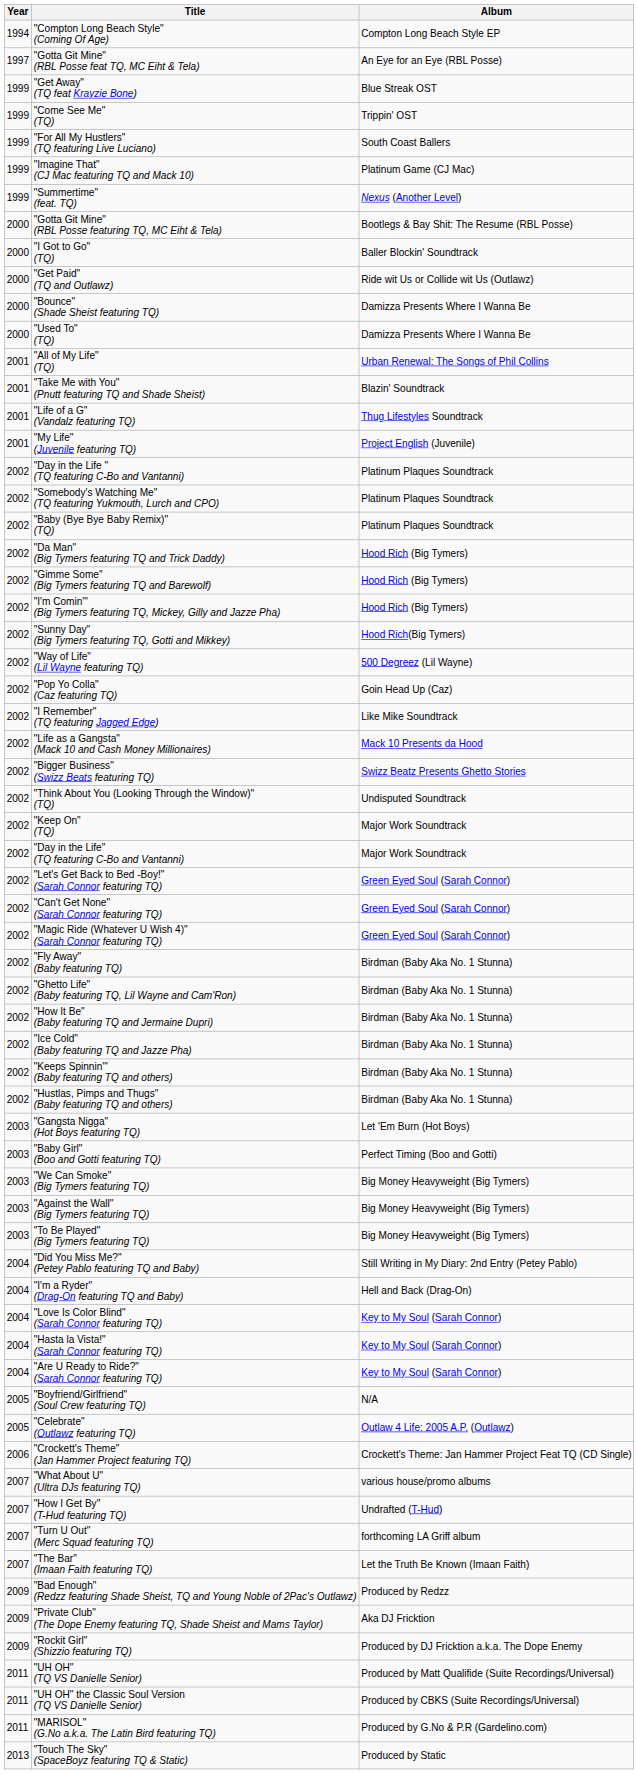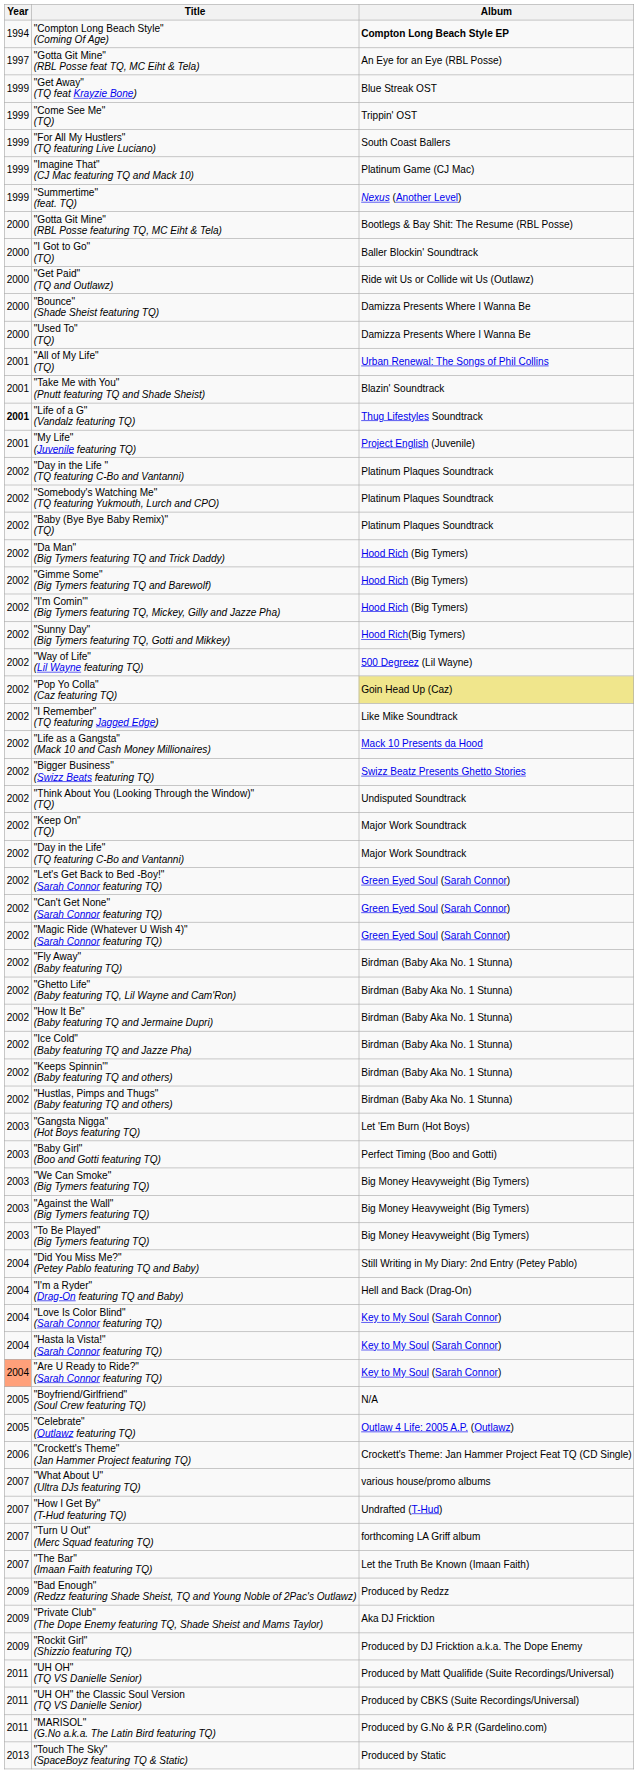 <table class="wikitable">
 <tr>
 <th>Year</th>
 <th>Title</th>
 <th>Album</th>
 </tr>
 <tr>
 <td>1994</td>
 <td>"Compton Long Beach Style" <br> <em>(Coming Of Age)</em></td>
-<td>Compton Long Beach Style EP</td>
+<td><strong>Compton Long Beach Style EP</strong></td>
 </tr>
 <tr>
 <td>1997</td>
 <td>"Gotta Git Mine" <br> <em>(RBL Posse feat TQ, MC Eiht & Tela)</em></td>
 <td>An Eye for an Eye (RBL Posse)</td>
 </tr>
 <tr>
 <td>1999</td>
 <td>"Get Away" <br> <em>(TQ feat <a href='#'>Krayzie Bone</a>)</em></td>
 <td>Blue Streak OST</td>
 </tr>
 <tr>
 <td>1999</td>
 <td>"Come See Me" <br> <em>(TQ)</em></td>
 <td>Trippin' OST</td>
 </tr>
 <tr>
 <td>1999</td>
 <td>"For All My Hustlers" <br> <em>(TQ featuring Live Luciano)</em></td>
 <td>South Coast Ballers</td>
 </tr>
 <tr>
 <td>1999</td>
 <td>"Imagine That" <br> <em>(CJ Mac featuring TQ and Mack 10)</em></td>
 <td>Platinum Game (CJ Mac)</td>
 </tr>
 <tr>
 <td>1999</td>
 <td>"Summertime" <br> <em>(feat. TQ)</em></td>
 <td><em><a href='#'>Nexus</a></em> (<a href='#'>Another Level</a>)</td>
 </tr>
 <tr>
 <td>2000</td>
 <td>"Gotta Git Mine" <br> <em>(RBL Posse featuring TQ, MC Eiht & Tela)</em></td>
 <td>Bootlegs & Bay Shit: The Resume (RBL Posse)</td>
 </tr>
 <tr>
 <td>2000</td>
 <td>"I Got to Go" <br> <em>(TQ)</em></td>
 <td>Baller Blockin' Soundtrack</td>
 </tr>
 <tr>
 <td>2000</td>
 <td>"Get Paid" <br> <em>(TQ and Outlawz)</em></td>
 <td>Ride wit Us or Collide wit Us (Outlawz)</td>
 </tr>
 <tr>
 <td>2000</td>
 <td>"Bounce" <br> <em>(Shade Sheist featuring TQ)</em></td>
 <td>Damizza Presents Where I Wanna Be</td>
 </tr>
 <tr>
 <td>2000</td>
 <td>"Used To" <br> <em>(TQ)</em></td>
 <td>Damizza Presents Where I Wanna Be</td>
 </tr>
 <tr>
 <td>2001</td>
 <td>"All of My Life" <br> <em>(TQ)</em></td>
 <td><a href='#'>Urban Renewal: The Songs of Phil Collins</a></td>
 </tr>
 <tr>
 <td>2001</td>
 <td>"Take Me with You" <br> <em>(Pnutt featuring TQ and Shade Sheist)</em></td>
 <td>Blazin' Soundtrack</td>
 </tr>
 <tr>
-<td>2001</td>
+<td><strong>2001</strong></td>
 <td>"Life of a G" <br> <em>(Vandalz featuring TQ)</em></td>
 <td><a href='#'>Thug Lifestyles</a> Soundtrack</td>
 </tr>
 <tr>
 <td>2001</td>
 <td>"My Life" <br> <em>(<a href='#'>Juvenile</a> featuring TQ)</em></td>
 <td><a href='#'>Project English</a> (Juvenile)</td>
 </tr>
 <tr>
 <td>2002</td>
 <td>"Day in the Life " <br> <em>(TQ featuring C-Bo and Vantanni)</em></td>
 <td>Platinum Plaques Soundtrack</td>
 </tr>
 <tr>
 <td>2002</td>
 <td>"Somebody's Watching Me" <br> <em>(TQ featuring Yukmouth, Lurch and CPO)</em></td>
 <td>Platinum Plaques Soundtrack</td>
 </tr>
 <tr>
 <td>2002</td>
 <td>"Baby (Bye Bye Baby Remix)" <br> <em>(TQ)</em></td>
 <td>Platinum Plaques Soundtrack</td>
 </tr>
 <tr>
 <td>2002</td>
 <td>"Da Man" <br> <em>(Big Tymers featuring TQ and Trick Daddy)</em></td>
 <td><a href='#'>Hood Rich</a> (Big Tymers)</td>
 </tr>
 <tr>
 <td>2002</td>
 <td>"Gimme Some" <br> <em>(Big Tymers featuring TQ and Barewolf)</em></td>
 <td><a href='#'>Hood Rich</a> (Big Tymers)</td>
 </tr>
 <tr>
 <td>2002</td>
 <td>"I'm Comin'" <br> <em>(Big Tymers featuring TQ, Mickey, Gilly and Jazze Pha)</em></td>
 <td><a href='#'>Hood Rich</a> (Big Tymers)</td>
 </tr>
 <tr>
 <td>2002</td>
 <td>"Sunny Day" <br> <em>(Big Tymers featuring TQ, Gotti and Mikkey)</em></td>
 <td><a href='#'>Hood Rich</a>(Big Tymers)</td>
 </tr>
 <tr>
 <td>2002</td>
 <td>"Way of Life" <br> <em>(<a href='#'>Lil Wayne</a> featuring TQ)</em></td>
 <td><a href='#'>500 Degreez</a> (Lil Wayne)</td>
 </tr>
 <tr>
 <td>2002</td>
 <td>"Pop Yo Colla" <br> <em>(Caz featuring TQ)</em></td>
-<td>Goin Head Up (Caz)</td>
+<td style="background: khaki;">Goin Head Up (Caz)</td>
 </tr>
 <tr>
 <td>2002</td>
 <td>"I Remember" <br> <em>(TQ featuring <a href='#'>Jagged Edge</a>)</em></td>
 <td>Like Mike Soundtrack</td>
 </tr>
 <tr>
 <td>2002</td>
 <td>"Life as a Gangsta" <br> <em>(Mack 10 and Cash Money Millionaires)</em></td>
 <td><a href='#'>Mack 10 Presents da Hood</a></td>
 </tr>
 <tr>
 <td>2002</td>
 <td>"Bigger Business" <br> <em>(<a href='#'>Swizz Beats</a> featuring TQ)</em></td>
 <td><a href='#'>Swizz Beatz Presents Ghetto Stories</a></td>
 </tr>
 <tr>
 <td>2002</td>
 <td>"Think About You (Looking Through the Window)" <br> <em>(TQ)</em></td>
 <td>Undisputed Soundtrack</td>
 </tr>
 <tr>
 <td>2002</td>
 <td>"Keep On" <br> <em>(TQ)</em></td>
 <td>Major Work Soundtrack</td>
 </tr>
 <tr>
 <td>2002</td>
 <td>"Day in the Life" <br> <em>(TQ featuring C-Bo and Vantanni)</em></td>
 <td>Major Work Soundtrack</td>
 </tr>
 <tr>
 <td>2002</td>
 <td>"Let's Get Back to Bed -Boy!" <br> <em>(<a href='#'>Sarah Connor</a> featuring TQ)</em></td>
 <td><a href='#'>Green Eyed Soul</a> (<a href='#'>Sarah Connor</a>)</td>
 </tr>
 <tr>
 <td>2002</td>
 <td>"Can't Get None" <br> <em> (<a href='#'>Sarah Connor</a> featuring TQ)</em></td>
 <td><a href='#'>Green Eyed Soul</a> (<a href='#'>Sarah Connor</a>)</td>
 </tr>
 <tr>
 <td>2002</td>
 <td>"Magic Ride (Whatever U Wish 4)" <br> <em>(<a href='#'>Sarah Connor</a> featuring TQ)</em></td>
 <td><a href='#'>Green Eyed Soul</a> (<a href='#'>Sarah Connor</a>)</td>
 </tr>
 <tr>
 <td>2002</td>
 <td>"Fly Away" <br> <em>(Baby featuring TQ)</em></td>
 <td>Birdman (Baby Aka No. 1 Stunna)</td>
 </tr>
 <tr>
 <td>2002</td>
 <td>"Ghetto Life" <br> <em>(Baby featuring TQ, Lil Wayne and Cam'Ron)</em></td>
 <td>Birdman (Baby Aka No. 1 Stunna)</td>
 </tr>
 <tr>
 <td>2002</td>
 <td>"How It Be" <br> <em>(Baby featuring TQ and Jermaine Dupri)</em></td>
 <td>Birdman (Baby Aka No. 1 Stunna)</td>
 </tr>
 <tr>
 <td>2002</td>
 <td>"Ice Cold" <br> <em>(Baby featuring TQ and Jazze Pha)</em></td>
 <td>Birdman (Baby Aka No. 1 Stunna)</td>
 </tr>
 <tr>
 <td>2002</td>
 <td>"Keeps Spinnin'" <br> <em>(Baby featuring TQ and others)</em></td>
 <td>Birdman (Baby Aka No. 1 Stunna)</td>
 </tr>
 <tr>
 <td>2002</td>
 <td>"Hustlas, Pimps and Thugs" <br> <em>(Baby featuring TQ and others)</em></td>
 <td>Birdman (Baby Aka No. 1 Stunna)</td>
 </tr>
 <tr>
 <td>2003</td>
 <td>"Gangsta Nigga" <br> <em>(Hot Boys featuring TQ)</em></td>
 <td>Let 'Em Burn (Hot Boys)</td>
 </tr>
 <tr>
 <td>2003</td>
 <td>"Baby Girl" <br> <em>(Boo and Gotti featuring TQ)</em></td>
 <td>Perfect Timing (Boo and Gotti)</td>
 </tr>
 <tr>
 <td>2003</td>
 <td>"We Can Smoke" <br> <em>(Big Tymers featuring TQ)</em></td>
 <td>Big Money Heavyweight (Big Tymers)</td>
 </tr>
 <tr>
 <td>2003</td>
 <td>"Against the Wall" <br> <em>(Big Tymers featuring TQ)</em></td>
 <td>Big Money Heavyweight (Big Tymers)</td>
 </tr>
 <tr>
 <td>2003</td>
 <td>"To Be Played" <br> <em>(Big Tymers featuring TQ)</em></td>
 <td>Big Money Heavyweight (Big Tymers)</td>
 </tr>
 <tr>
 <td>2004</td>
 <td>"Did You Miss Me?" <br> <em>(Petey Pablo featuring TQ and Baby)</em></td>
 <td>Still Writing in My Diary: 2nd Entry (Petey Pablo)</td>
 </tr>
 <tr>
 <td>2004</td>
 <td>"I'm a Ryder" <br> <em>(<a href='#'>Drag-On</a> featuring TQ and Baby)</em></td>
 <td>Hell and Back (Drag-On)</td>
 </tr>
 <tr>
 <td>2004</td>
 <td>"Love Is Color Blind" <br> <em>(<a href='#'>Sarah Connor</a> featuring TQ)</em></td>
 <td><a href='#'>Key to My Soul</a> (<a href='#'>Sarah Connor</a>)</td>
 </tr>
 <tr>
 <td>2004</td>
 <td>"Hasta la Vista!" <br> <em>(<a href='#'>Sarah Connor</a> featuring TQ)</em></td>
 <td><a href='#'>Key to My Soul</a> (<a href='#'>Sarah Connor</a>)</td>
 </tr>
 <tr>
-<td>2004</td>
+<td style="background: lightsalmon;">2004</td>
 <td>"Are U Ready to Ride?" <br> <em>(<a href='#'>Sarah Connor</a> featuring TQ)</em></td>
 <td><a href='#'>Key to My Soul</a> (<a href='#'>Sarah Connor</a>)</td>
 </tr>
 <tr>
 <td>2005</td>
 <td>"Boyfriend/Girlfriend" <br> <em>(Soul Crew featuring TQ)</em></td>
 <td>N/A</td>
 </tr>
 <tr>
 <td>2005</td>
 <td>"Celebrate" <br> <em>(<a href='#'>Outlawz</a> featuring TQ)</em></td>
 <td><a href='#'>Outlaw 4 Life: 2005 A.P.</a> (<a href='#'>Outlawz</a>)</td>
 </tr>
 <tr>
 <td>2006</td>
 <td>"Crockett's Theme" <br> <em>(Jan Hammer Project featuring TQ)</em></td>
 <td>Crockett's Theme: Jan Hammer Project Feat TQ (CD Single)</td>
 </tr>
 <tr>
 <td>2007</td>
 <td>"What About U" <br> <em>(Ultra DJs featuring TQ)</em></td>
 <td>various house/promo albums</td>
 </tr>
 <tr>
 <td>2007</td>
 <td>"How I Get By" <br> <em>(T-Hud featuring TQ)</em></td>
 <td>Undrafted (<a href='#'>T-Hud</a>)</td>
 </tr>
 <tr>
 <td>2007</td>
 <td>"Turn U Out" <br> <em>(Merc Squad featuring TQ)</em></td>
 <td>forthcoming LA Griff album</td>
 </tr>
 <tr>
 <td>2007</td>
 <td>"The Bar" <br> <em>(Imaan Faith featuring TQ)</em></td>
 <td>Let the Truth Be Known (Imaan Faith)</td>
 </tr>
 <tr>
 <td>2009</td>
 <td>"Bad Enough" <br> <em>(Redzz featuring Shade Sheist, TQ and Young Noble of 2Pac's Outlawz)</em></td>
 <td>Produced by Redzz</td>
 </tr>
 <tr>
 <td>2009</td>
 <td>"Private Club" <br> <em>(The Dope Enemy featuring TQ, Shade Sheist and Mams Taylor)</em></td>
 <td>Aka DJ Fricktion</td>
 </tr>
 <tr>
 <td>2009</td>
 <td>"Rockit Girl" <br> <em>(Shizzio featuring TQ)</em></td>
 <td>Produced by DJ Fricktion a.k.a. The Dope Enemy</td>
 </tr>
 <tr>
 <td>2011</td>
 <td>"UH OH" <br> <em> (TQ VS Danielle Senior)</em></td>
 <td>Produced by Matt Qualifide (Suite Recordings/Universal)</td>
 </tr>
 <tr>
 <td>2011</td>
 <td>"UH OH" the Classic Soul Version <br> <em> (TQ VS Danielle Senior)</em></td>
 <td>Produced by CBKS (Suite Recordings/Universal)</td>
 </tr>
 <tr>
 <td>2011</td>
 <td>"MARISOL" <br> <em> (G.No a.k.a. The Latin Bird featuring TQ)</em></td>
 <td>Produced by G.No & P.R (Gardelino.com)</td>
 </tr>
 <tr>
 <td>2013</td>
 <td>"Touch The Sky" <br> <em> (SpaceBoyz featuring TQ & Static)</em></td>
 <td>Produced by Static</td>
 </tr>
 </table>
